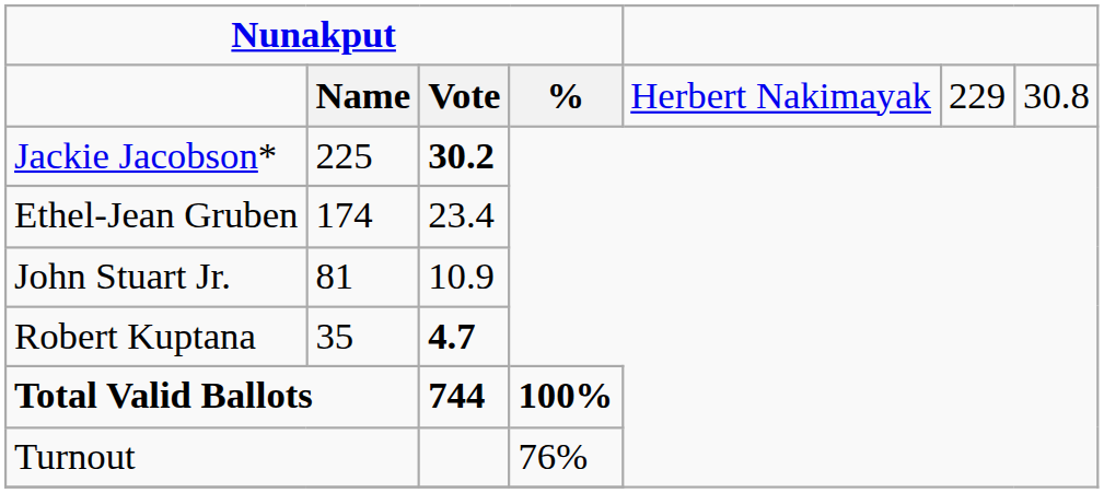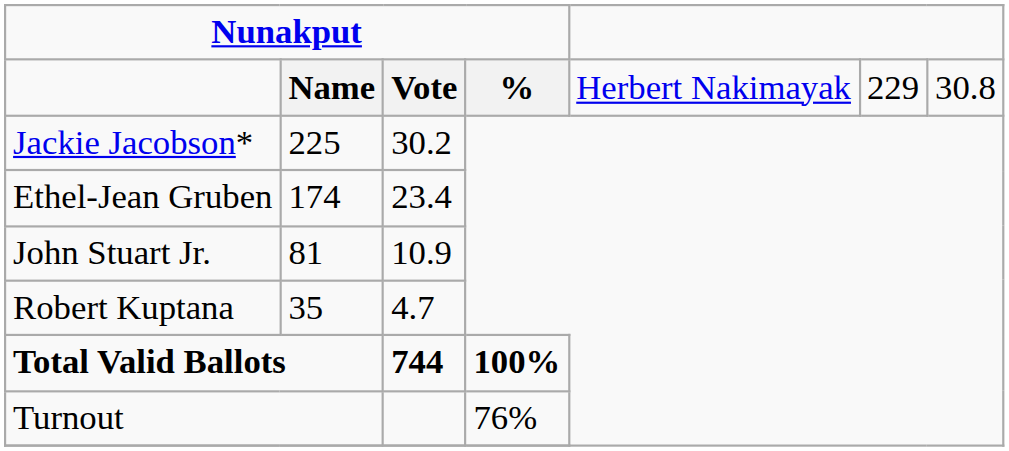 <table class="wikitable">
 <tr>
 <td colspan=4 align=center><strong><a href='#'>Nunakput</a></strong></td>
 </tr>
 <tr>
 <td></td>
 <th><strong>Name </strong></th>
 <th><strong>Vote</strong></th>
 <th><strong>%</strong><br></th>
 <td><a href='#'>Herbert Nakimayak</a></td>
 <td>229</td>
 <td>30.8</td>
 </tr>
 <tr>
 <td><a href='#'>Jackie Jacobson</a>*</td>
 <td>225</td>
-<td><strong>30.2</strong></td>
+<td>30.2</td>
 </tr>
 <tr>
 <td>Ethel-Jean Gruben</td>
 <td>174</td>
 <td>23.4</td>
 </tr>
 <tr>
 <td>John Stuart Jr.</td>
 <td>81</td>
 <td>10.9</td>
 </tr>
 <tr>
 <td>Robert Kuptana</td>
 <td>35</td>
-<td><strong>4.7</strong></td>
+<td>4.7</td>
 </tr>
 <tr>
 <td colspan=2><strong>Total Valid Ballots</strong></td>
 <td><strong>744</strong></td>
 <td><strong>100%</strong></td>
 </tr>
 <tr>
 <td colspan=2>Turnout</td>
 <td></td>
 <td>76%</td>
 </tr>
 <tr>
 </tr>
 </table>
